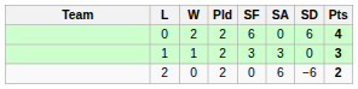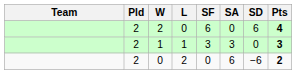 <table class="wikitable" style="text-align: center;">
 <tr>
 <th width=180>Team</th>
+<th width=30>Pld</th>
+<th width=30>W</th>
 <th width=30>L</th>
-<th width=30>W</th>
-<th width=30>Pld</th>
 <th width=30>SF</th>
 <th width=30>SA</th>
 <th width=30>SD</th>
 <th width=30>Pts</th>
 </tr>
 <tr bgcolor=#CCFFCC>
 <td style="text-align:left;"></td>
-<td>0</td>
 <td>2</td>
 <td>2</td>
+<td>0</td>
 <td>6</td>
 <td>0</td>
 <td>6</td>
 <td><strong>4</strong></td>
 </tr>
 <tr bgcolor=#CCFFCC>
 <td style="text-align:left;"></td>
+<td>2</td>
 <td>1</td>
 <td>1</td>
-<td>2</td>
 <td>3</td>
 <td>3</td>
 <td>0</td>
 <td><strong>3</strong></td>
 </tr>
 <tr>
 <td style="text-align:left;"></td>
 <td>2</td>
 <td>0</td>
 <td>2</td>
 <td>0</td>
 <td>6</td>
 <td>−6</td>
 <td><strong>2</strong></td>
 </tr>
 </table>
